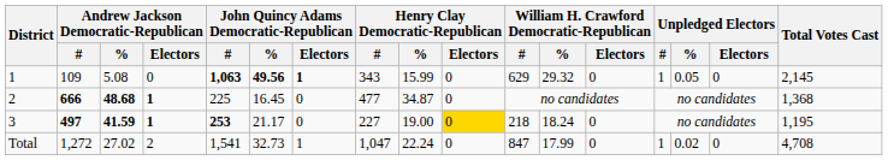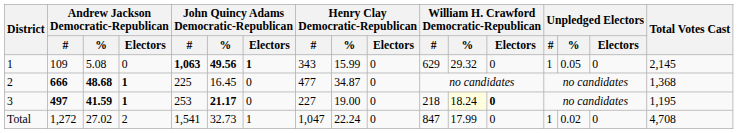 <table class="wikitable sortable">
 <tr>
 <th rowspan="2">District</th>
 <th colspan="3" >Andrew Jackson<br>Democratic-Republican</th>
 <th colspan="3" >John Quincy Adams<br>Democratic-Republican</th>
 <th colspan="3" >Henry Clay<br>Democratic-Republican</th>
 <th colspan="3" >William H. Crawford<br>Democratic-Republican</th>
 <th colspan="3" >Unpledged Electors</th>
 <th rowspan="2">Total Votes Cast</th>
 </tr>
 <tr>
 <th>#</th>
 <th>%</th>
 <th>Electors</th>
 <th>#</th>
 <th>%</th>
 <th>Electors</th>
 <th>#</th>
 <th>%</th>
 <th>Electors</th>
 <th>#</th>
 <th>%</th>
 <th>Electors</th>
 <th>#</th>
 <th>%</th>
 <th>Electors</th>
 </tr>
 <tr>
 <td>1</td>
 <td>109</td>
 <td>5.08</td>
 <td>0</td>
 <td><strong>1,063</strong></td>
 <td><strong>49.56</strong></td>
 <td><strong>1</strong></td>
 <td>343</td>
 <td>15.99</td>
 <td>0</td>
 <td>629</td>
 <td>29.32</td>
 <td>0</td>
 <td>1</td>
 <td>0.05</td>
 <td>0</td>
 <td>2,145</td>
 </tr>
 <tr>
 <td>2</td>
 <td><strong>666</strong></td>
 <td><strong>48.68</strong></td>
 <td><strong>1</strong></td>
 <td>225</td>
 <td>16.45</td>
 <td>0</td>
 <td>477</td>
 <td>34.87</td>
 <td>0</td>
 <td colspan=3 align=center><em>no candidates</em></td>
 <td colspan=3 align=center><em>no candidates</em></td>
 <td>1,368</td>
 </tr>
 <tr>
 <td>3</td>
 <td><strong>497</strong></td>
 <td><strong>41.59</strong></td>
 <td><strong>1</strong></td>
-<td><strong>253</strong></td>
-<td>21.17</td>
+<td>253</td>
+<td><strong>21.17</strong></td>
 <td>0</td>
 <td>227</td>
 <td>19.00</td>
-<td style="background: gold;">0</td>
+<td>0</td>
 <td>218</td>
-<td>18.24</td>
-<td>0</td>
+<td style="background: lightyellow;">18.24</td>
+<td><strong>0</strong></td>
 <td colspan=3 align=center><em>no candidates</em></td>
 <td>1,195</td>
 </tr>
 <tr>
 <td>Total</td>
 <td>1,272</td>
 <td>27.02</td>
 <td>2</td>
 <td>1,541</td>
 <td>32.73</td>
 <td>1</td>
 <td>1,047</td>
 <td>22.24</td>
 <td>0</td>
 <td>847</td>
 <td>17.99</td>
 <td>0</td>
 <td>1</td>
 <td>0.02</td>
 <td>0</td>
 <td>4,708</td>
 </tr>
 </table>
